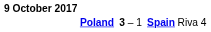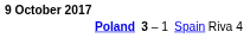 <table>
 <tr>
 <td><strong>9 October 2017</strong></td>
 </tr>
 <tr>
 <td></td>
 <td align=right><strong><a href='#'>Poland</a></strong></td>
 <td></td>
 <td><strong>3</strong> – 1</td>
 <td></td>
-<td><strong><a href='#'>Spain</a></strong></td>
+<td><a href='#'>Spain</a></td>
 <td>Riva 4</td>
 <td></td>
 </tr>
 </table>
